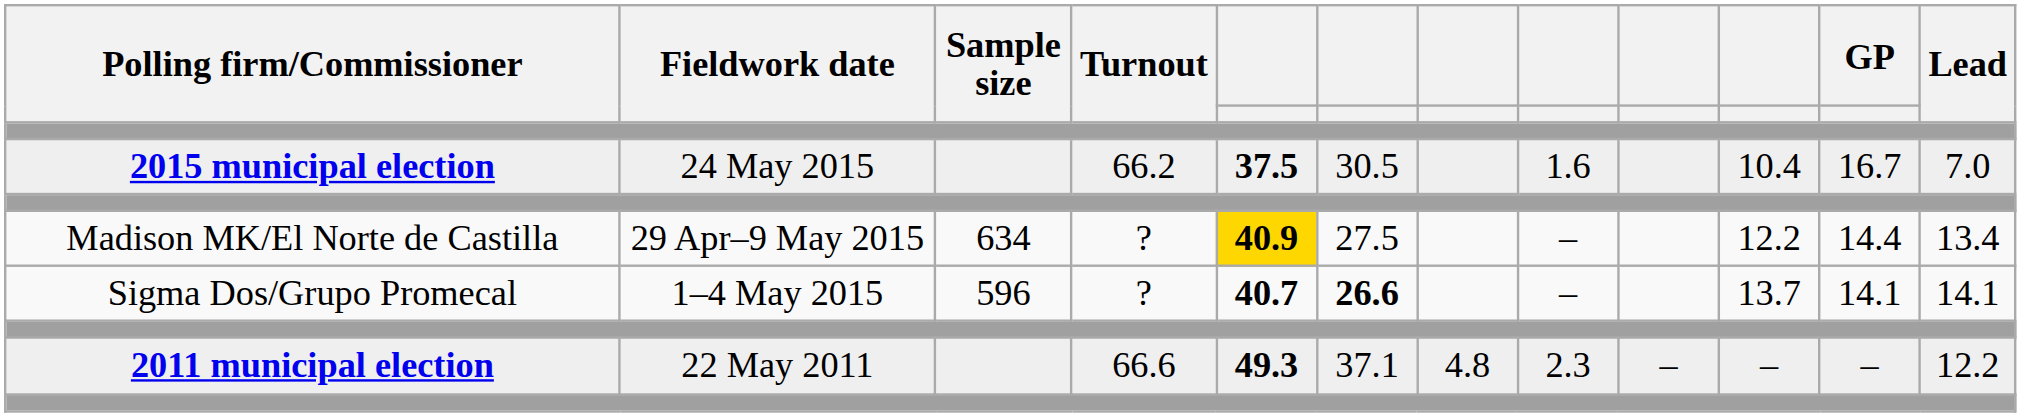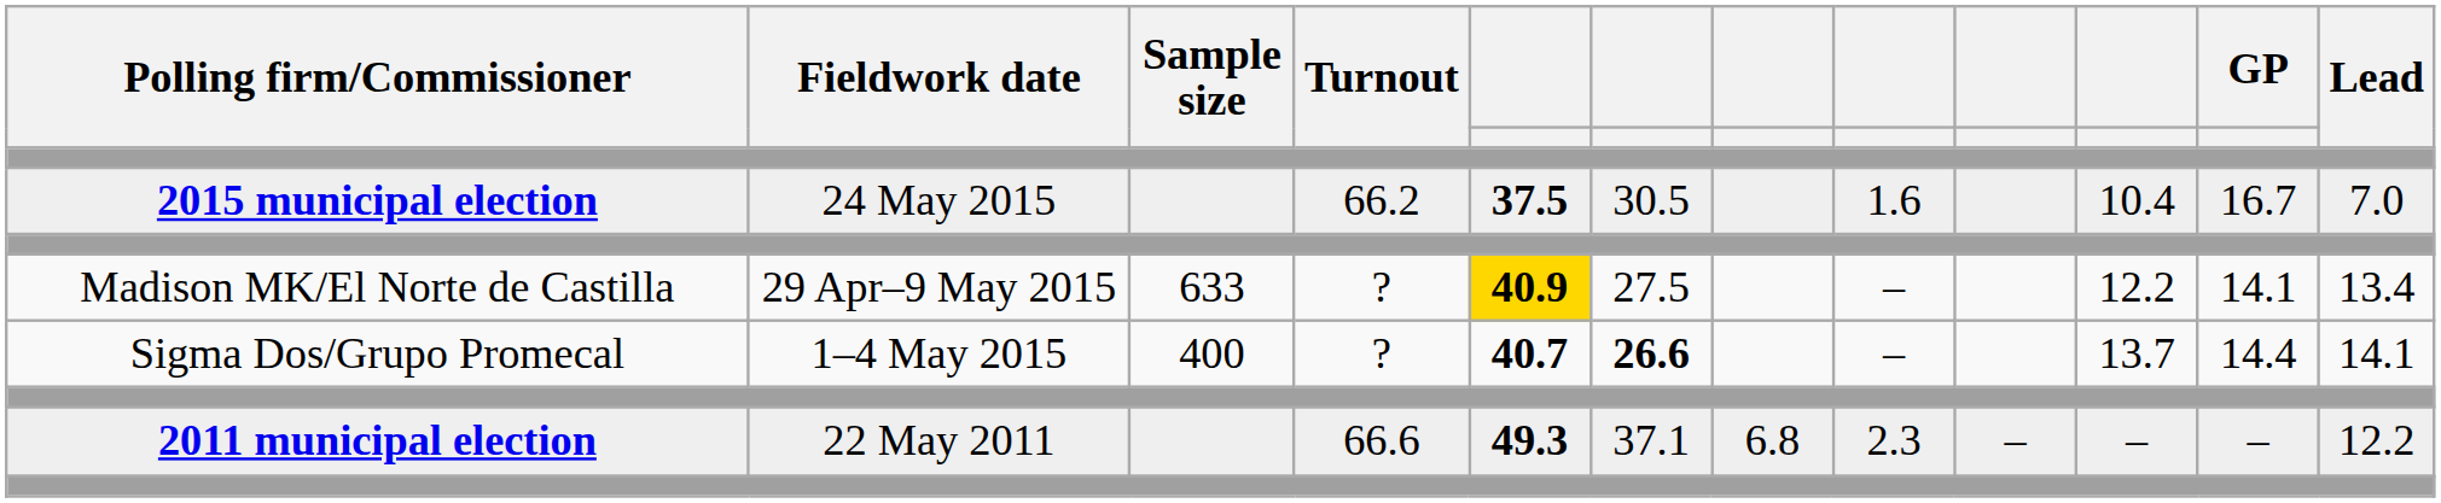 <table class="wikitable collapsible collapsed" style="text-align:center; font-size:95%; line-height:16px;">
 <tr style="height:42px;">
 <th style="width:250px;" rowspan="2">Polling firm/Commissioner</th>
 <th style="width:125px;" rowspan="2">Fieldwork date</th>
 <th style="width:50px;" rowspan="2">Sample size</th>
 <th style="width:45px;" rowspan="2">Turnout</th>
 <th style="width:35px;"></th>
 <th style="width:35px;"></th>
 <th style="width:35px;"></th>
 <th style="width:35px;"></th>
 <th style="width:35px;"></th>
 <th style="width:35px;"></th>
 <th style="width:35px;">GP</th>
 <th style="width:30px;" rowspan="2">Lead</th>
 </tr>
 <tr>
 <th style="color:inherit;background:"></th>
 <th style="color:inherit;background:"></th>
 <th style="color:inherit;background:"></th>
 <th style="color:inherit;background:"></th>
 <th style="color:inherit;background:"></th>
 <th style="color:inherit;background:"></th>
 <th style="color:inherit;background:"></th>
 </tr>
 <tr>
 <td colspan="12" style="background:#A0A0A0"></td>
 </tr>
 <tr style="background:#EFEFEF;">
 <td><strong><a href='#'>2015 municipal election</a></strong></td>
 <td>24 May 2015</td>
 <td></td>
 <td>66.2</td>
 <td><strong>37.5</strong><br></td>
 <td>30.5<br></td>
 <td></td>
 <td>1.6<br></td>
 <td></td>
 <td>10.4<br></td>
 <td>16.7<br></td>
 <td style="background:">7.0</td>
 </tr>
 <tr>
 <td colspan="12" style="background:#A0A0A0"></td>
 </tr>
 <tr>
 <td>Madison MK/El Norte de Castilla</td>
 <td>29 Apr–9 May 2015</td>
-<td>634</td>
+<td>633</td>
 <td>?</td>
 <td style="background: gold;"><strong>40.9</strong><br></td>
 <td>27.5<br></td>
 <td></td>
 <td>–</td>
 <td></td>
 <td>12.2<br></td>
-<td>14.4<br></td>
+<td>14.1<br></td>
 <td style="background:">13.4</td>
 </tr>
 <tr>
 <td>Sigma Dos/Grupo Promecal</td>
 <td>1–4 May 2015</td>
-<td>596</td>
+<td>400</td>
 <td>?</td>
 <td><strong>40.7</strong><br></td>
 <td><strong>26.6<br></strong></td>
 <td></td>
 <td>–</td>
 <td></td>
 <td>13.7<br></td>
-<td>14.1<br></td>
+<td>14.4<br></td>
 <td style="background:">14.1</td>
 </tr>
 <tr>
 <td colspan="12" style="background:#A0A0A0"></td>
 </tr>
 <tr style="background:#EFEFEF;">
 <td><strong><a href='#'>2011 municipal election</a></strong></td>
 <td>22 May 2011</td>
 <td></td>
 <td>66.6</td>
 <td><strong>49.3</strong><br></td>
 <td>37.1<br></td>
-<td>4.8<br></td>
+<td>6.8<br></td>
 <td>2.3<br></td>
 <td>–</td>
 <td>–</td>
 <td>–</td>
 <td style="background:">12.2</td>
 </tr>
 <tr>
 <td colspan="12" style="background:#A0A0A0"></td>
 </tr>
 </table>
